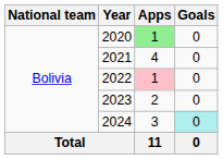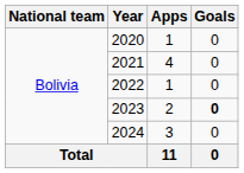 <table class="wikitable" style="text-align:center">
 <tr>
 <th>National team</th>
 <th>Year</th>
 <th>Apps</th>
 <th>Goals</th>
 </tr>
 <tr>
 <td rowspan="5"><a href='#'>Bolivia</a></td>
 <td>2020</td>
-<td style="background: lightgreen;">1</td>
+<td>1</td>
 <td>0</td>
 </tr>
 <tr>
 <td>2021</td>
 <td>4</td>
 <td>0</td>
 </tr>
 <tr>
 <td>2022</td>
-<td style="background: pink;">1</td>
+<td>1</td>
 <td>0</td>
 </tr>
 <tr>
 <td>2023</td>
 <td>2</td>
-<td>0</td>
+<td><strong>0</strong></td>
 </tr>
 <tr>
 <td>2024</td>
 <td>3</td>
-<td style="background: paleturquoise;">0</td>
+<td>0</td>
 </tr>
 <tr>
 <th colspan="2">Total</th>
 <th>11</th>
 <th>0</th>
 </tr>
 </table>
